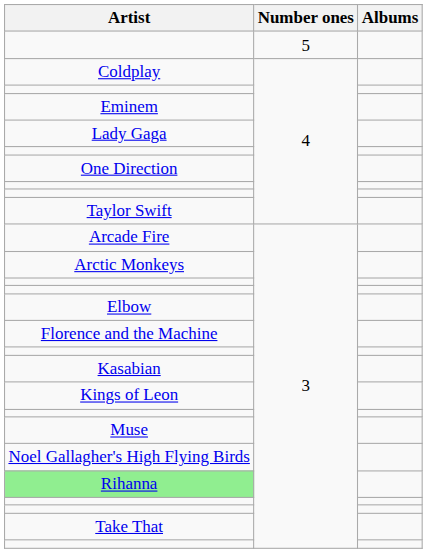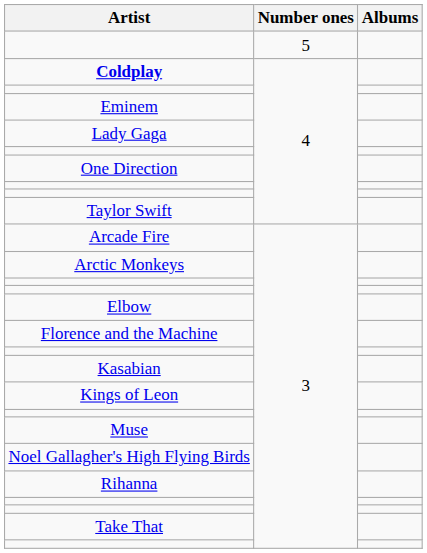 <table class="wikitable sortable" style="text-align:center;">
 <tr>
 <th scope=col>Artist</th>
 <th scope=col>Number ones</th>
 <th scope=col>Albums</th>
 </tr>
 <tr>
 <td></td>
 <td>5</td>
 <td></td>
 </tr>
 <tr>
-<td><a href='#'>Coldplay</a></td>
+<td><strong><a href='#'>Coldplay</a></strong></td>
 <td rowspan="9">4</td>
 <td></td>
 </tr>
 <tr>
 <td></td>
 <td></td>
 </tr>
 <tr>
 <td><a href='#'>Eminem</a></td>
 <td></td>
 </tr>
 <tr>
 <td><a href='#'>Lady Gaga</a></td>
 <td></td>
 </tr>
 <tr>
 <td></td>
 <td></td>
 </tr>
 <tr>
 <td><a href='#'>One Direction</a></td>
 <td></td>
 </tr>
 <tr>
 <td></td>
 <td></td>
 </tr>
 <tr>
 <td></td>
 <td></td>
 </tr>
 <tr>
 <td><a href='#'>Taylor Swift</a></td>
 <td></td>
 </tr>
 <tr>
 <td><a href='#'>Arcade Fire</a></td>
 <td rowspan="17">3</td>
 <td></td>
 </tr>
 <tr>
 <td><a href='#'>Arctic Monkeys</a></td>
 <td></td>
 </tr>
 <tr>
 <td></td>
 <td></td>
 </tr>
 <tr>
 <td></td>
 <td></td>
 </tr>
 <tr>
 <td><a href='#'>Elbow</a></td>
 <td></td>
 </tr>
 <tr>
 <td><a href='#'>Florence and the Machine</a></td>
 <td></td>
 </tr>
 <tr>
 <td></td>
 <td></td>
 </tr>
 <tr>
 <td><a href='#'>Kasabian</a></td>
 <td></td>
 </tr>
 <tr>
 <td><a href='#'>Kings of Leon</a></td>
 <td></td>
 </tr>
 <tr>
 <td></td>
 <td></td>
 </tr>
 <tr>
 <td><a href='#'>Muse</a></td>
 <td></td>
 </tr>
 <tr>
 <td><a href='#'>Noel Gallagher's High Flying Birds</a></td>
 <td></td>
 </tr>
 <tr>
-<td style="background: lightgreen;"><a href='#'>Rihanna</a></td>
+<td><a href='#'>Rihanna</a></td>
 <td></td>
 </tr>
 <tr>
 <td></td>
 <td></td>
 </tr>
 <tr>
 <td></td>
 <td></td>
 </tr>
 <tr>
 <td><a href='#'>Take That</a></td>
 <td></td>
 </tr>
 <tr>
 <td></td>
 <td></td>
 </tr>
 </table>
